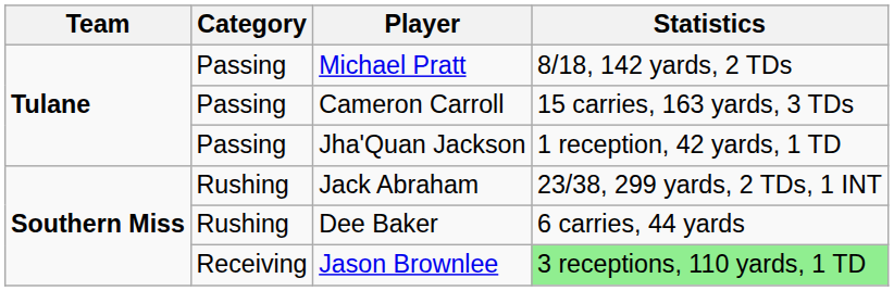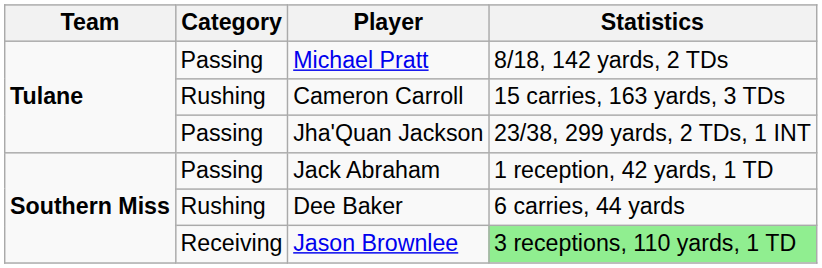 <table class="wikitable" style="float: left;">
 <tr>
 <th>Team</th>
 <th>Category</th>
 <th>Player</th>
 <th>Statistics</th>
 </tr>
 <tr>
 <td rowspan=3><strong>Tulane</strong></td>
 <td>Passing</td>
 <td><a href='#'>Michael Pratt</a></td>
 <td>8/18, 142 yards, 2 TDs</td>
 </tr>
 <tr>
-<td>Passing</td>
+<td>Rushing</td>
 <td>Cameron Carroll</td>
 <td>15 carries, 163 yards, 3 TDs</td>
 </tr>
 <tr>
 <td>Passing</td>
 <td>Jha'Quan Jackson</td>
-<td>1 reception, 42 yards, 1 TD</td>
+<td>23/38, 299 yards, 2 TDs, 1 INT</td>
 </tr>
 <tr>
 <td rowspan=3><strong>Southern Miss</strong></td>
-<td>Rushing</td>
+<td>Passing</td>
 <td>Jack Abraham</td>
-<td>23/38, 299 yards, 2 TDs, 1 INT</td>
+<td>1 reception, 42 yards, 1 TD</td>
 </tr>
 <tr>
 <td>Rushing</td>
 <td>Dee Baker</td>
 <td>6 carries, 44 yards</td>
 </tr>
 <tr>
 <td>Receiving</td>
 <td><a href='#'>Jason Brownlee</a></td>
 <td style="background: lightgreen;">3 receptions, 110 yards, 1 TD</td>
 </tr>
 </table>
